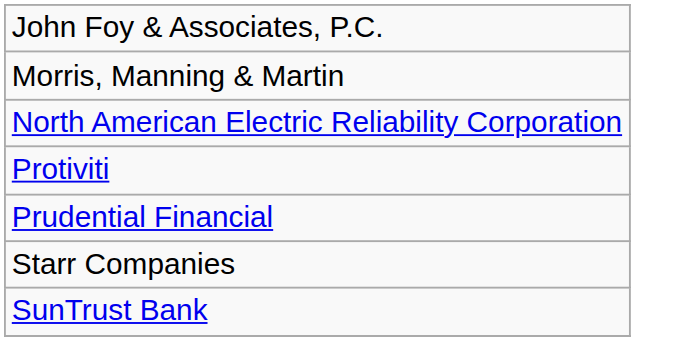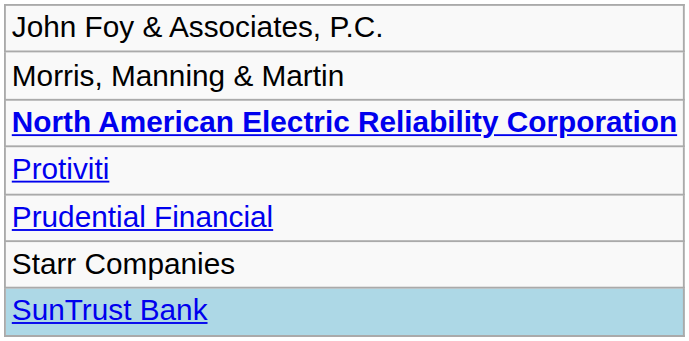 <table class="wikitable">
 <tr>
 <td>John Foy & Associates, P.C.</td>
 </tr>
 <tr>
 <td>Morris, Manning & Martin</td>
 </tr>
 <tr>
-<td><a href='#'>North American Electric Reliability Corporation</a></td>
+<td><strong><a href='#'>North American Electric Reliability Corporation</a></strong></td>
 </tr>
 <tr>
 <td><a href='#'>Protiviti</a></td>
 </tr>
 <tr>
 <td><a href='#'>Prudential Financial</a></td>
 </tr>
 <tr>
 <td>Starr Companies</td>
 </tr>
 <tr>
-<td><a href='#'>SunTrust Bank</a></td>
+<td style="background: lightblue;"><a href='#'>SunTrust Bank</a></td>
 </tr>
 <tr>
 </tr>
 </table>
